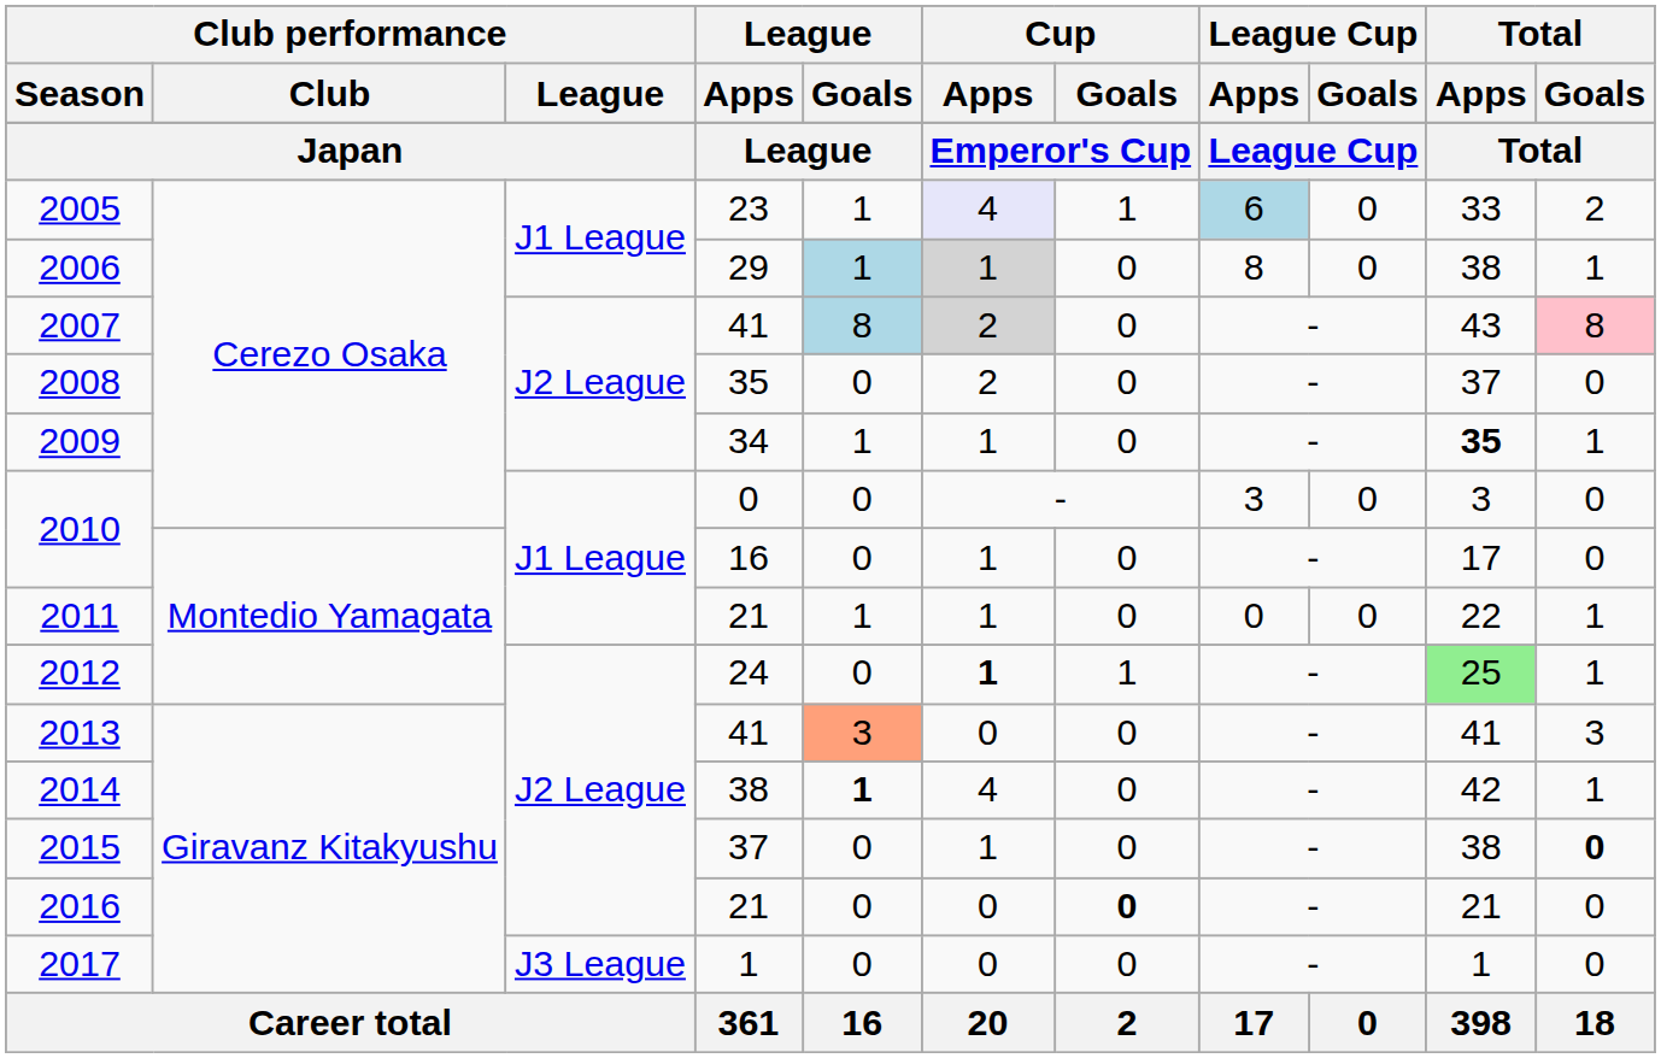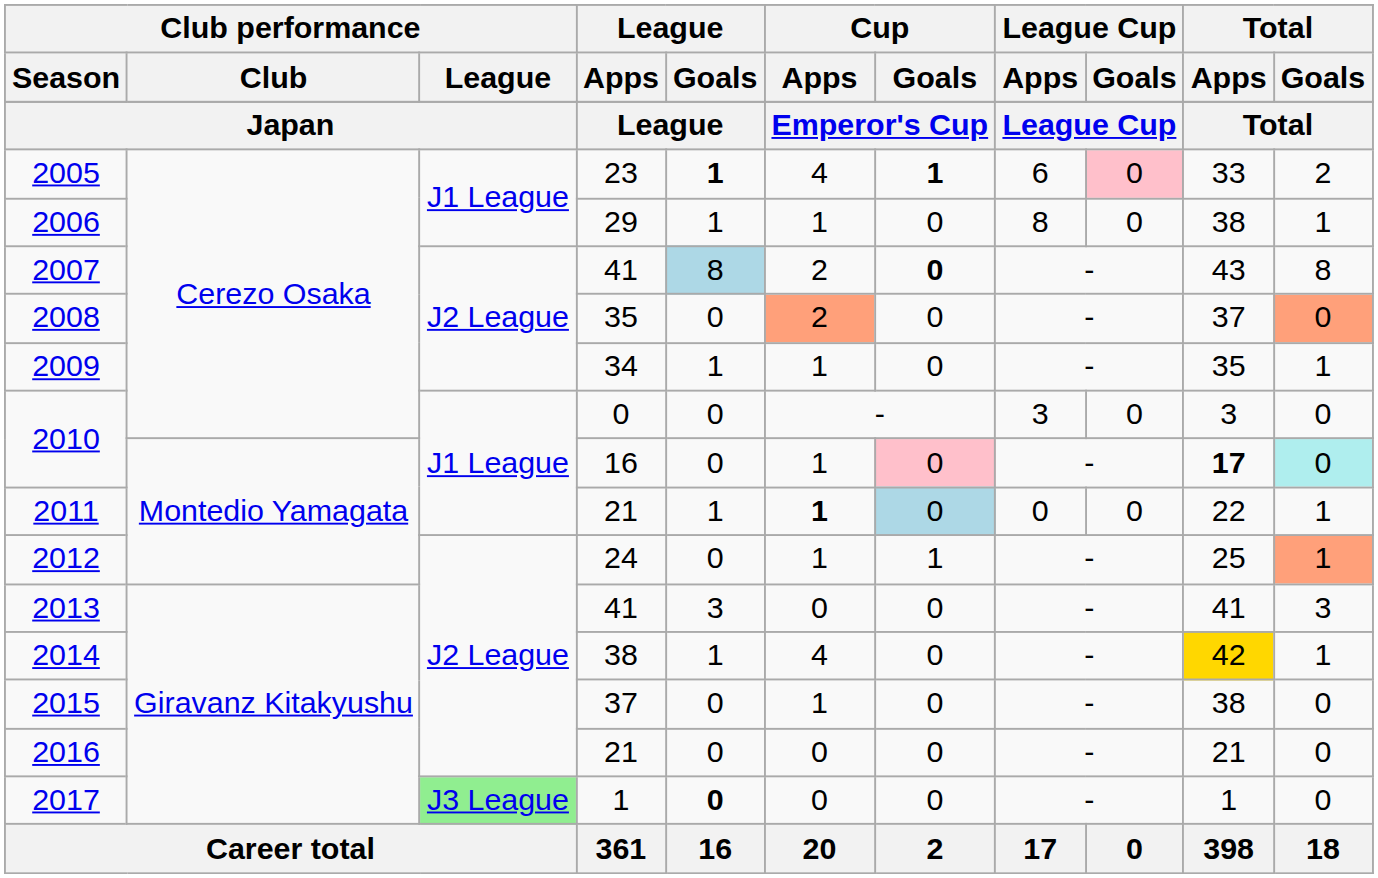 <table class="wikitable" style="text-align:center">
 <tr>
 <th colspan=3>Club performance</th>
 <th colspan=2>League</th>
 <th colspan=2>Cup</th>
 <th colspan=2>League Cup</th>
 <th colspan=2>Total</th>
 </tr>
 <tr>
 <th>Season</th>
 <th>Club</th>
 <th>League</th>
 <th>Apps</th>
 <th>Goals</th>
 <th>Apps</th>
 <th>Goals</th>
 <th>Apps</th>
 <th>Goals</th>
 <th>Apps</th>
 <th>Goals</th>
 </tr>
 <tr>
 </tr>
 <tr>
 <th colspan=3>Japan</th>
 <th colspan=2>League</th>
 <th colspan=2><a href='#'>Emperor's Cup</a></th>
 <th colspan=2><a href='#'>League Cup</a></th>
 <th colspan=2>Total</th>
 </tr>
 <tr>
 <td><a href='#'>2005</a></td>
 <td rowspan="6"><a href='#'>Cerezo Osaka</a></td>
 <td rowspan="2"><a href='#'>J1 League</a></td>
 <td>23</td>
-<td>1</td>
-<td style="background: lavender;">4</td>
-<td>1</td>
-<td style="background: lightblue;">6</td>
-<td>0</td>
+<td><strong>1</strong></td>
+<td>4</td>
+<td><strong>1</strong></td>
+<td>6</td>
+<td style="background: pink;">0</td>
 <td>33</td>
 <td>2</td>
 </tr>
 <tr>
 <td><a href='#'>2006</a></td>
 <td>29</td>
-<td style="background: lightblue;">1</td>
-<td style="background: lightgrey;">1</td>
+<td>1</td>
+<td>1</td>
 <td>0</td>
 <td>8</td>
 <td>0</td>
 <td>38</td>
 <td>1</td>
 </tr>
 <tr>
 <td><a href='#'>2007</a></td>
 <td rowspan="3"><a href='#'>J2 League</a></td>
 <td>41</td>
 <td style="background: lightblue;">8</td>
-<td style="background: lightgrey;">2</td>
-<td>0</td>
+<td>2</td>
+<td><strong>0</strong></td>
 <td colspan="2">-</td>
 <td>43</td>
-<td style="background: pink;">8</td>
+<td>8</td>
 </tr>
 <tr>
 <td><a href='#'>2008</a></td>
 <td>35</td>
 <td>0</td>
-<td>2</td>
+<td style="background: lightsalmon;">2</td>
 <td>0</td>
 <td colspan="2">-</td>
 <td>37</td>
-<td>0</td>
+<td style="background: lightsalmon;">0</td>
 </tr>
 <tr>
 <td><a href='#'>2009</a></td>
 <td>34</td>
 <td>1</td>
 <td>1</td>
 <td>0</td>
 <td colspan="2">-</td>
-<td><strong>35</strong></td>
+<td>35</td>
 <td>1</td>
 </tr>
 <tr>
 <td rowspan="2"><a href='#'>2010</a></td>
 <td rowspan="3"><a href='#'>J1 League</a></td>
 <td>0</td>
 <td>0</td>
 <td colspan="2">-</td>
 <td>3</td>
 <td>0</td>
 <td>3</td>
 <td>0</td>
 </tr>
 <tr>
 <td rowspan="3"><a href='#'>Montedio Yamagata</a></td>
 <td>16</td>
 <td>0</td>
 <td>1</td>
-<td>0</td>
+<td style="background: pink;">0</td>
 <td colspan="2">-</td>
-<td>17</td>
-<td>0</td>
+<td><strong>17</strong></td>
+<td style="background: paleturquoise;">0</td>
 </tr>
 <tr>
 <td><a href='#'>2011</a></td>
 <td>21</td>
 <td>1</td>
-<td>1</td>
-<td>0</td>
+<td><strong>1</strong></td>
+<td style="background: lightblue;">0</td>
 <td>0</td>
 <td>0</td>
 <td>22</td>
 <td>1</td>
 </tr>
 <tr>
 <td><a href='#'>2012</a></td>
 <td rowspan="5"><a href='#'>J2 League</a></td>
 <td>24</td>
 <td>0</td>
-<td><strong>1</strong></td>
+<td>1</td>
 <td>1</td>
 <td colspan="2">-</td>
-<td style="background: lightgreen;">25</td>
-<td>1</td>
+<td>25</td>
+<td style="background: lightsalmon;">1</td>
 </tr>
 <tr>
 <td><a href='#'>2013</a></td>
 <td rowspan="5"><a href='#'>Giravanz Kitakyushu</a></td>
 <td>41</td>
-<td style="background: lightsalmon;">3</td>
+<td>3</td>
 <td>0</td>
 <td>0</td>
 <td colspan="2">-</td>
 <td>41</td>
 <td>3</td>
 </tr>
 <tr>
 <td><a href='#'>2014</a></td>
 <td>38</td>
-<td><strong>1</strong></td>
+<td>1</td>
 <td>4</td>
 <td>0</td>
 <td colspan="2">-</td>
-<td>42</td>
+<td style="background: gold;">42</td>
 <td>1</td>
 </tr>
 <tr>
 <td><a href='#'>2015</a></td>
 <td>37</td>
 <td>0</td>
 <td>1</td>
 <td>0</td>
 <td colspan="2">-</td>
 <td>38</td>
-<td><strong>0</strong></td>
+<td>0</td>
 </tr>
 <tr>
 <td><a href='#'>2016</a></td>
 <td>21</td>
 <td>0</td>
 <td>0</td>
-<td><strong>0</strong></td>
+<td>0</td>
 <td colspan="2">-</td>
 <td>21</td>
 <td>0</td>
 </tr>
 <tr>
 <td><a href='#'>2017</a></td>
-<td><a href='#'>J3 League</a></td>
+<td style="background: lightgreen;"><a href='#'>J3 League</a></td>
 <td>1</td>
-<td>0</td>
+<td><strong>0</strong></td>
 <td>0</td>
 <td>0</td>
 <td colspan="2">-</td>
 <td>1</td>
 <td>0</td>
 </tr>
 <tr>
 <th colspan=3>Career total</th>
 <th>361</th>
 <th>16</th>
 <th>20</th>
 <th>2</th>
 <th>17</th>
 <th>0</th>
 <th>398</th>
 <th>18</th>
 </tr>
 </table>
